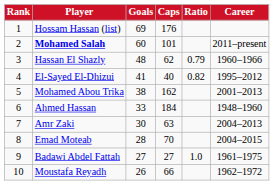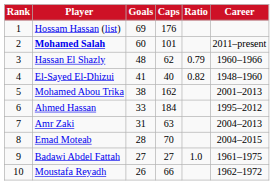 <table class="wikitable sortable" style="text-align:center">
 <tr>
 <th style="background:#CE1126; color:#FFFFFF; ">Rank</th>
 <th style="background:#CE1126; color:#FFFFFF; ">Player</th>
 <th style="background:#CE1126; color:#FFFFFF; ">Goals</th>
 <th style="background:#CE1126; color:#FFFFFF; ">Caps</th>
 <th style="background:#CE1126; color:#FFFFFF; ">Ratio</th>
 <th style="background:#CE1126; color:#FFFFFF; ">Career</th>
 </tr>
 <tr>
 <td>1</td>
 <td align=left><a href='#'>Hossam Hassan</a> (<a href='#'>list</a>)</td>
 <td>69</td>
 <td>176</td>
 <td></td>
 <td></td>
 </tr>
 <tr>
 <td>2</td>
 <td align=left><strong><a href='#'>Mohamed Salah</a></strong></td>
 <td>60</td>
 <td>101</td>
 <td></td>
 <td>2011–present</td>
 </tr>
 <tr>
 <td>3</td>
 <td align=left><a href='#'>Hassan El Shazly</a></td>
 <td>48</td>
 <td>62</td>
 <td>0.79</td>
 <td>1960–1966</td>
 </tr>
 <tr>
 <td>4</td>
 <td align=left><a href='#'>El-Sayed El-Dhizui</a></td>
 <td>41</td>
 <td>40</td>
 <td>0.82</td>
-<td>1995–2012</td>
+<td>1948–1960</td>
 </tr>
 <tr>
 <td>5</td>
 <td align=left><a href='#'>Mohamed Abou Trika</a></td>
 <td>38</td>
 <td>162</td>
 <td></td>
 <td>2001–2013</td>
 </tr>
 <tr>
 <td>6</td>
 <td align=left><a href='#'>Ahmed Hassan</a></td>
 <td>33</td>
 <td>184</td>
 <td></td>
-<td>1948–1960</td>
+<td>1995–2012</td>
 </tr>
 <tr>
 <td>7</td>
 <td align=left><a href='#'>Amr Zaki</a></td>
-<td>30</td>
+<td>31</td>
 <td>63</td>
 <td></td>
 <td>2004–2013</td>
 </tr>
 <tr>
 <td>8</td>
 <td align=left><a href='#'>Emad Moteab</a></td>
 <td>28</td>
 <td>70</td>
 <td></td>
 <td>2004–2015</td>
 </tr>
 <tr>
 <td>9</td>
 <td align=left><a href='#'>Badawi Abdel Fattah</a></td>
 <td>27</td>
 <td>27</td>
 <td>1.0</td>
 <td>1961–1975</td>
 </tr>
 <tr>
 <td>10</td>
 <td align=left><a href='#'>Moustafa Reyadh</a></td>
 <td>26</td>
 <td>66</td>
 <td></td>
 <td>1962–1972</td>
 </tr>
 </table>
